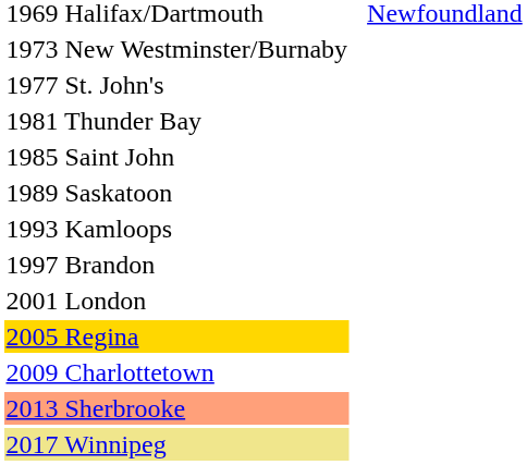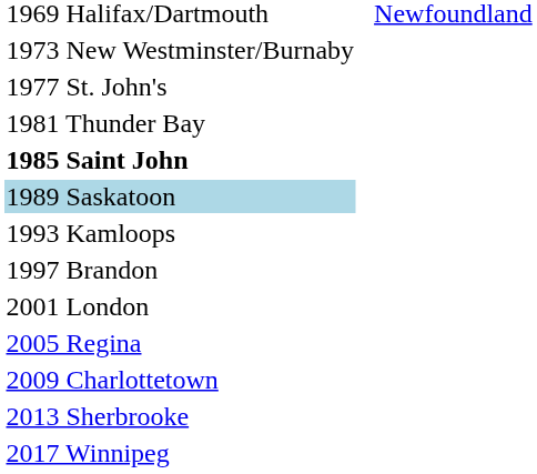 <table>
 <tr>
 <td>1969 Halifax/Dartmouth</td>
 <td></td>
 <td></td>
 <td> <a href='#'>Newfoundland</a></td>
 </tr>
 <tr>
 <td>1973 New Westminster/Burnaby</td>
 <td></td>
 <td></td>
 <td></td>
 </tr>
 <tr>
 <td>1977 St. John's</td>
 <td></td>
 <td></td>
 <td></td>
 </tr>
 <tr>
 <td>1981 Thunder Bay</td>
 <td></td>
 <td></td>
 <td></td>
 </tr>
 <tr>
-<td>1985 Saint John</td>
+<td><strong>1985 Saint John</strong></td>
 <td></td>
 <td></td>
 <td></td>
 </tr>
 <tr>
-<td>1989 Saskatoon</td>
+<td style="background: lightblue;">1989 Saskatoon</td>
 <td></td>
 <td></td>
 <td></td>
 </tr>
 <tr>
 <td>1993 Kamloops</td>
 <td></td>
 <td></td>
 <td></td>
 </tr>
 <tr>
 <td>1997 Brandon</td>
 <td></td>
 <td></td>
 <td></td>
 </tr>
 <tr>
 <td>2001 London</td>
 <td></td>
 <td></td>
 <td></td>
 </tr>
 <tr>
-<td style="background: gold;"><a href='#'>2005 Regina</a></td>
+<td><a href='#'>2005 Regina</a></td>
 <td></td>
 <td></td>
 <td></td>
 </tr>
 <tr>
 <td><a href='#'>2009 Charlottetown</a></td>
 <td></td>
 <td></td>
 <td></td>
 </tr>
 <tr>
-<td style="background: lightsalmon;"><a href='#'>2013 Sherbrooke</a></td>
+<td><a href='#'>2013 Sherbrooke</a></td>
 <td></td>
 <td></td>
 <td></td>
 </tr>
 <tr>
-<td style="background: khaki;"><a href='#'>2017 Winnipeg</a></td>
+<td><a href='#'>2017 Winnipeg</a></td>
 <td></td>
 <td></td>
 <td></td>
 </tr>
 </table>
